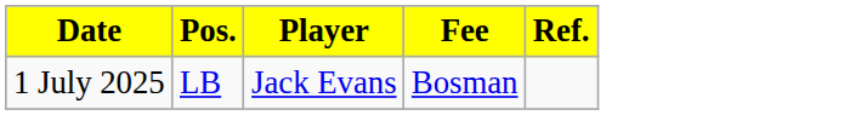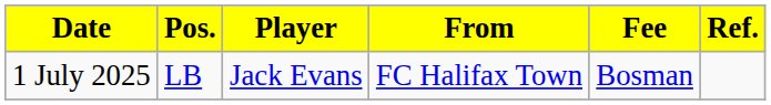 <table class="wikitable plainrowheaders sortable">
 <tr>
 <th style="background: yellow; color: black; ">Date</th>
 <th style="background: yellow; color: black; ">Pos.</th>
 <th style="background: yellow; color: black; ">Player</th>
+<th style="background: yellow; color: black; ">From</th>
 <th style="background: yellow; color: black; ">Fee</th>
 <th style="background: yellow; color: black; ">Ref.</th>
 </tr>
 <tr>
 <td>1 July 2025</td>
 <td><a href='#'>LB</a></td>
 <td> <a href='#'>Jack Evans</a></td>
+<td> <a href='#'>FC Halifax Town</a></td>
 <td><a href='#'>Bosman</a></td>
 <td></td>
 </tr>
 </table>
